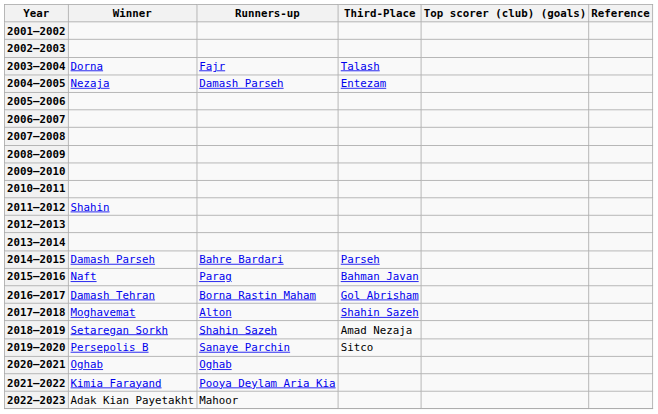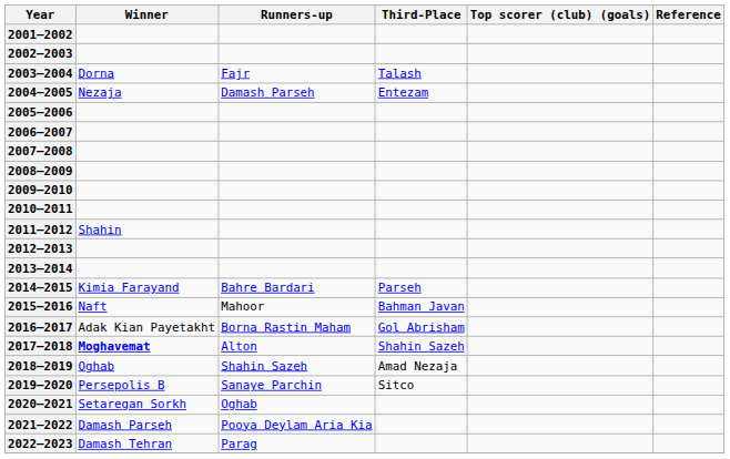 <table class="wikitable">
 <tr>
 <th>Year</th>
 <th>Winner</th>
 <th>Runners-up</th>
 <th>Third-Place</th>
 <th>Top scorer (club) (goals)</th>
 <th>Reference</th>
 </tr>
 <tr>
 <th><strong>2001–2002</strong></th>
 <td></td>
 <td></td>
 <td></td>
 <td></td>
 <td></td>
 </tr>
 <tr>
 <th><strong>2002–2003</strong></th>
 <td></td>
 <td></td>
 <td></td>
 <td></td>
 <td></td>
 </tr>
 <tr>
 <th><strong>2003–2004</strong></th>
 <td><a href='#'>Dorna</a></td>
 <td><a href='#'>Fajr</a></td>
 <td><a href='#'>Talash</a></td>
 <td></td>
 <td></td>
 </tr>
 <tr>
 <th><strong>2004–2005</strong></th>
 <td><a href='#'>Nezaja</a></td>
 <td><a href='#'>Damash Parseh</a></td>
 <td><a href='#'>Entezam</a></td>
 <td></td>
 <td></td>
 </tr>
 <tr>
 <th><strong>2005–2006</strong></th>
 <td></td>
 <td></td>
 <td></td>
 <td></td>
 <td></td>
 </tr>
 <tr>
 <th><strong>2006–2007</strong></th>
 <td></td>
 <td></td>
 <td></td>
 <td></td>
 <td></td>
 </tr>
 <tr>
 <th><strong>2007–2008</strong></th>
 <td></td>
 <td></td>
 <td></td>
 <td></td>
 <td></td>
 </tr>
 <tr>
 <th><strong>2008–2009</strong></th>
 <td></td>
 <td></td>
 <td></td>
 <td></td>
 <td></td>
 </tr>
 <tr>
 <th><strong>2009–2010</strong></th>
 <td></td>
 <td></td>
 <td></td>
 <td></td>
 <td></td>
 </tr>
 <tr>
 <th><strong>2010–2011</strong></th>
 <td></td>
 <td></td>
 <td></td>
 <td></td>
 <td></td>
 </tr>
 <tr>
 <th><strong>2011–2012</strong></th>
 <td><a href='#'>Shahin</a></td>
 <td></td>
 <td></td>
 <td></td>
 <td></td>
 </tr>
 <tr>
 <th><strong>2012–2013</strong></th>
 <td></td>
 <td></td>
 <td></td>
 <td></td>
 <td></td>
 </tr>
 <tr>
 <th><strong>2013–2014</strong></th>
 <td></td>
 <td></td>
 <td></td>
 <td></td>
 <td></td>
 </tr>
 <tr>
 <th><strong>2014–2015</strong></th>
-<td><a href='#'>Damash Parseh</a></td>
+<td><a href='#'>Kimia Farayand</a></td>
 <td><a href='#'>Bahre Bardari</a></td>
 <td><a href='#'>Parseh</a></td>
 <td></td>
 <td></td>
 </tr>
 <tr>
 <th><strong>2015–2016</strong></th>
 <td><a href='#'>Naft</a></td>
-<td><a href='#'>Parag</a></td>
+<td>Mahoor</td>
 <td><a href='#'>Bahman Javan</a></td>
 <td></td>
 <td></td>
 </tr>
 <tr>
 <th><strong>2016–2017</strong></th>
-<td><a href='#'>Damash Tehran</a></td>
+<td>Adak Kian Payetakht</td>
 <td><a href='#'>Borna Rastin Maham</a></td>
 <td><a href='#'>Gol Abrisham</a></td>
 <td></td>
 <td></td>
 </tr>
 <tr>
 <th><strong>2017–2018</strong></th>
-<td><a href='#'>Moghavemat</a></td>
+<td><strong><a href='#'>Moghavemat</a></strong></td>
 <td><a href='#'>Alton</a></td>
 <td><a href='#'>Shahin Sazeh</a></td>
 <td></td>
 <td></td>
 </tr>
 <tr>
 <th><strong>2018–2019</strong></th>
-<td><a href='#'>Setaregan Sorkh</a></td>
+<td><a href='#'>Oghab</a></td>
 <td><a href='#'>Shahin Sazeh</a></td>
 <td>Amad Nezaja</td>
 <td></td>
 <td></td>
 </tr>
 <tr>
 <th><strong>2019–2020</strong></th>
 <td><a href='#'>Persepolis B</a></td>
 <td><a href='#'>Sanaye Parchin</a></td>
 <td>Sitco</td>
 <td></td>
 <td></td>
 </tr>
 <tr>
 <th><strong>2020–2021</strong></th>
-<td><a href='#'>Oghab</a></td>
+<td><a href='#'>Setaregan Sorkh</a></td>
 <td><a href='#'>Oghab</a></td>
 <td></td>
 <td></td>
 <td></td>
 </tr>
 <tr>
 <th><strong>2021–2022</strong></th>
-<td><a href='#'>Kimia Farayand</a></td>
+<td><a href='#'>Damash Parseh</a></td>
 <td><a href='#'>Pooya Deylam Aria Kia</a></td>
 <td></td>
 <td></td>
 <td></td>
 </tr>
 <tr>
 <th><strong>2022–2023</strong></th>
-<td>Adak Kian Payetakht</td>
-<td>Mahoor</td>
+<td><a href='#'>Damash Tehran</a></td>
+<td><a href='#'>Parag</a></td>
 <td></td>
 <td></td>
 <td></td>
 </tr>
 <tr>
 </tr>
 </table>
